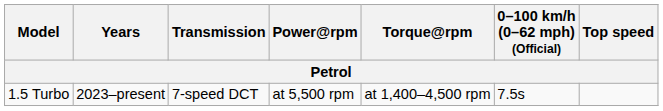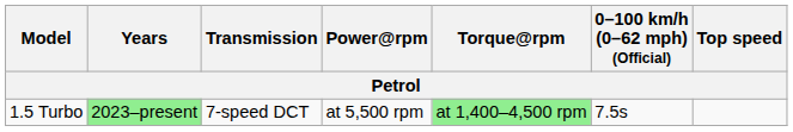 <table class="wikitable sortable collapsible" style="text-align:left; font-size:90%;">
 <tr>
 <th>Model</th>
 <th>Years</th>
 <th>Transmission</th>
 <th>Power@rpm</th>
 <th>Torque@rpm</th>
 <th>0–100 km/h<br>(0–62 mph)<br><small>(Official)</small></th>
 <th>Top speed</th>
 </tr>
 <tr>
 <th colspan=7>Petrol</th>
 </tr>
 <tr>
 <td>1.5 Turbo</td>
-<td>2023–present</td>
+<td style="background: lightgreen;">2023–present</td>
 <td>7-speed DCT</td>
 <td> at 5,500 rpm</td>
-<td> at 1,400–4,500 rpm</td>
+<td style="background: lightgreen;"> at 1,400–4,500 rpm</td>
 <td>7.5s</td>
 <td></td>
 </tr>
 </table>
